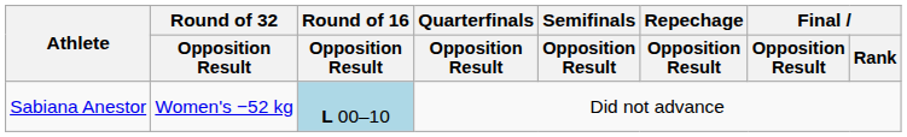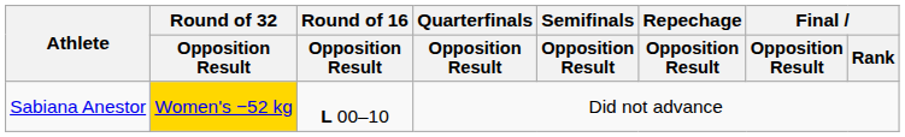 <table class="wikitable" style="font-size:90%">
 <tr>
 <th rowspan="2">Athlete</th>
 <th>Round of 32</th>
 <th>Round of 16</th>
 <th>Quarterfinals</th>
 <th>Semifinals</th>
 <th>Repechage</th>
 <th colspan=2>Final / </th>
 </tr>
 <tr style="font-size:95%">
 <th>Opposition<br>Result</th>
 <th>Opposition<br>Result</th>
 <th>Opposition<br>Result</th>
 <th>Opposition<br>Result</th>
 <th>Opposition<br>Result</th>
 <th>Opposition<br>Result</th>
 <th>Rank</th>
 </tr>
 <tr align=center>
 <td align=left><a href='#'>Sabiana Anestor</a></td>
-<td align=left><a href='#'>Women's −52 kg</a></td>
-<td style="background: lightblue;"><br><strong>L</strong> 00–10</td>
+<td align=left style="background: gold;"><a href='#'>Women's −52 kg</a></td>
+<td><br><strong>L</strong> 00–10</td>
 <td colspan=6>Did not advance</td>
 </tr>
 </table>
